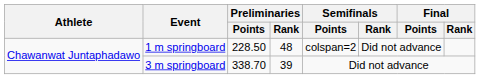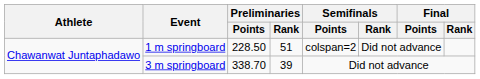 <table class=wikitable style="font-size:90%;">
 <tr>
 <th rowspan="2">Athlete</th>
 <th rowspan="2">Event</th>
 <th colspan="2">Preliminaries</th>
 <th colspan="2">Semifinals</th>
 <th colspan="2">Final</th>
 </tr>
 <tr style="font-size:95%">
 <th>Points</th>
 <th>Rank</th>
 <th>Points</th>
 <th>Rank</th>
 <th>Points</th>
 <th>Rank</th>
 </tr>
 <tr align=center>
 <td rowspan="2" align=left><a href='#'>Chawanwat Juntaphadawo</a></td>
 <td align=left><a href='#'>1 m springboard</a></td>
 <td>228.50</td>
-<td>48</td>
+<td>51</td>
 <td>colspan=2 </td>
 <td colspan=2>Did not advance</td>
 </tr>
 <tr align=center>
 <td align=left><a href='#'>3 m springboard</a></td>
 <td>338.70</td>
 <td>39</td>
 <td colspan=4>Did not advance</td>
 </tr>
 </table>
